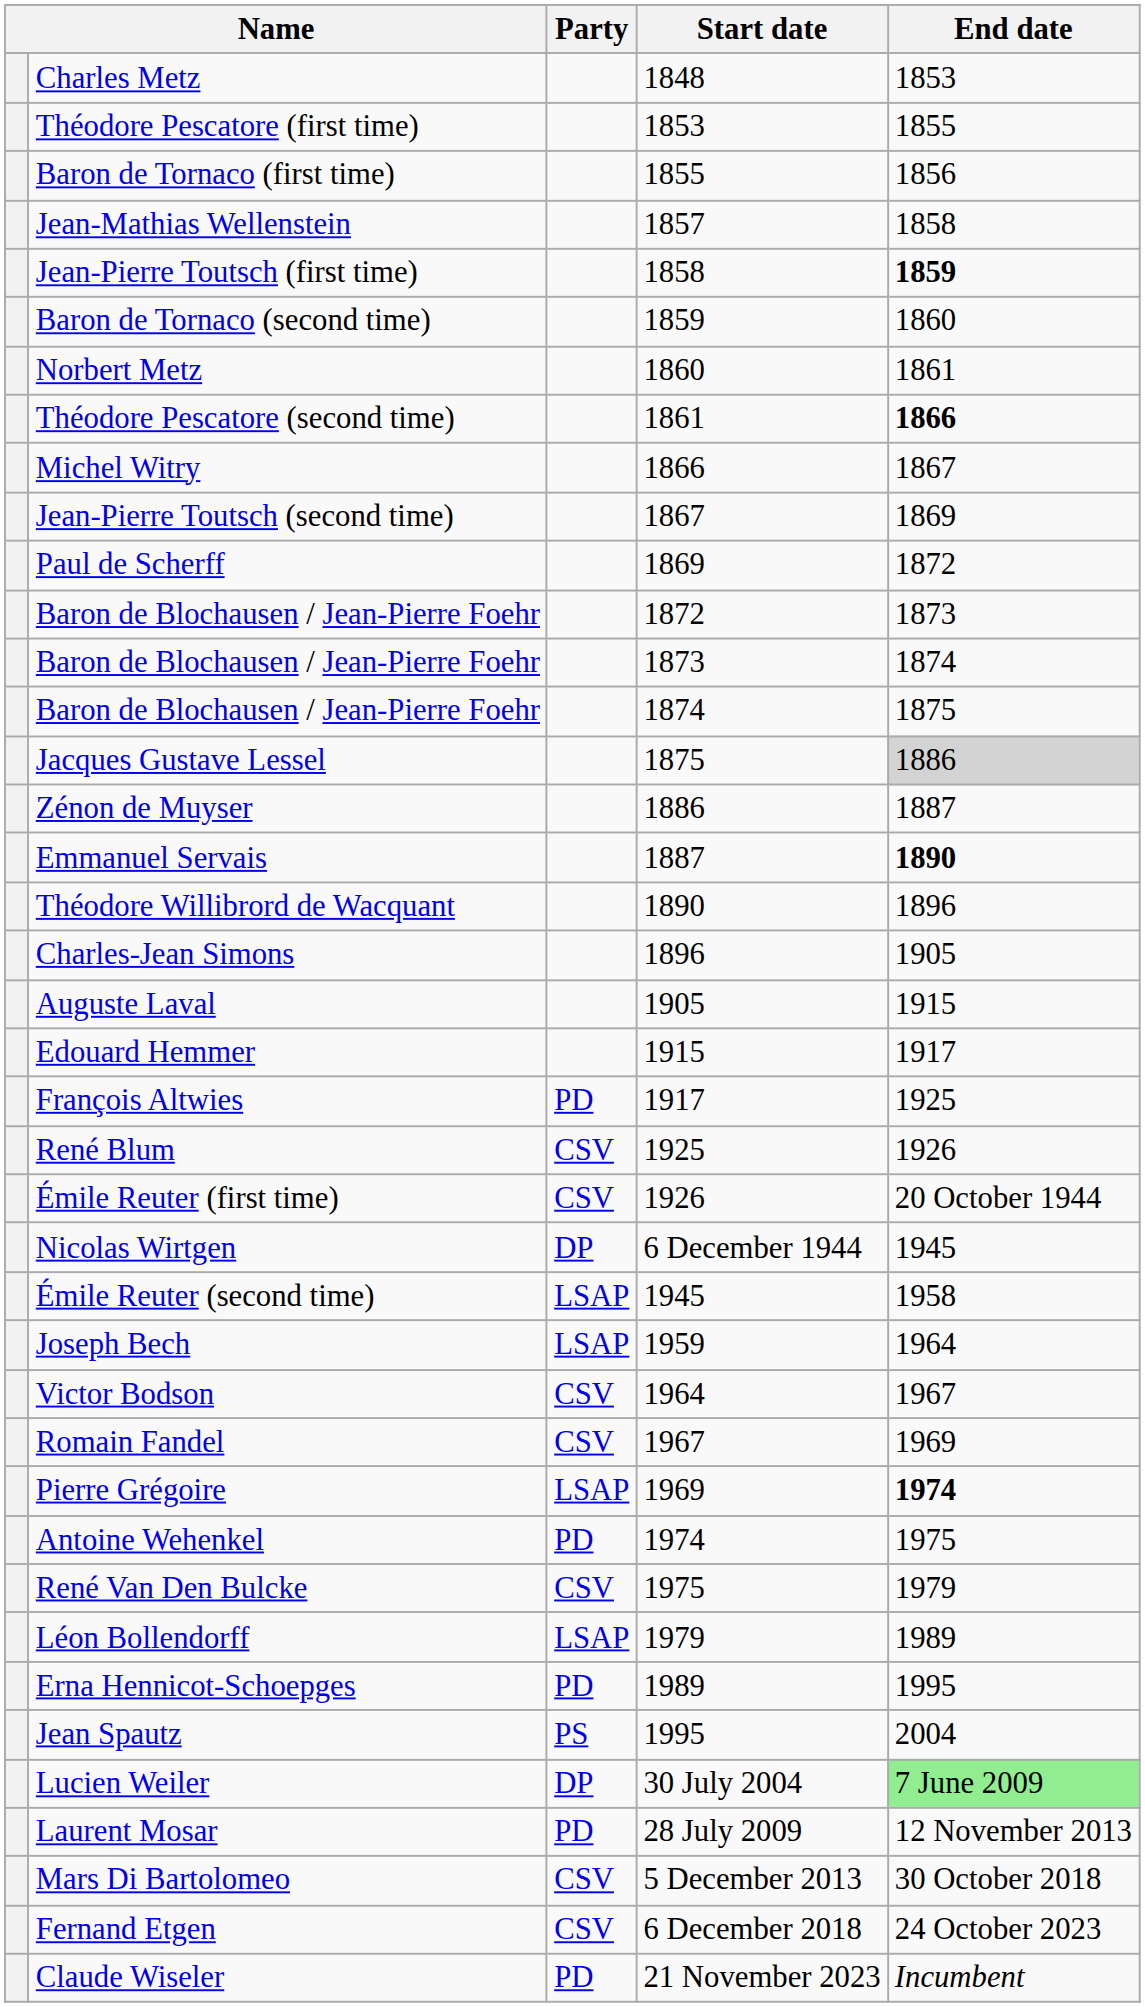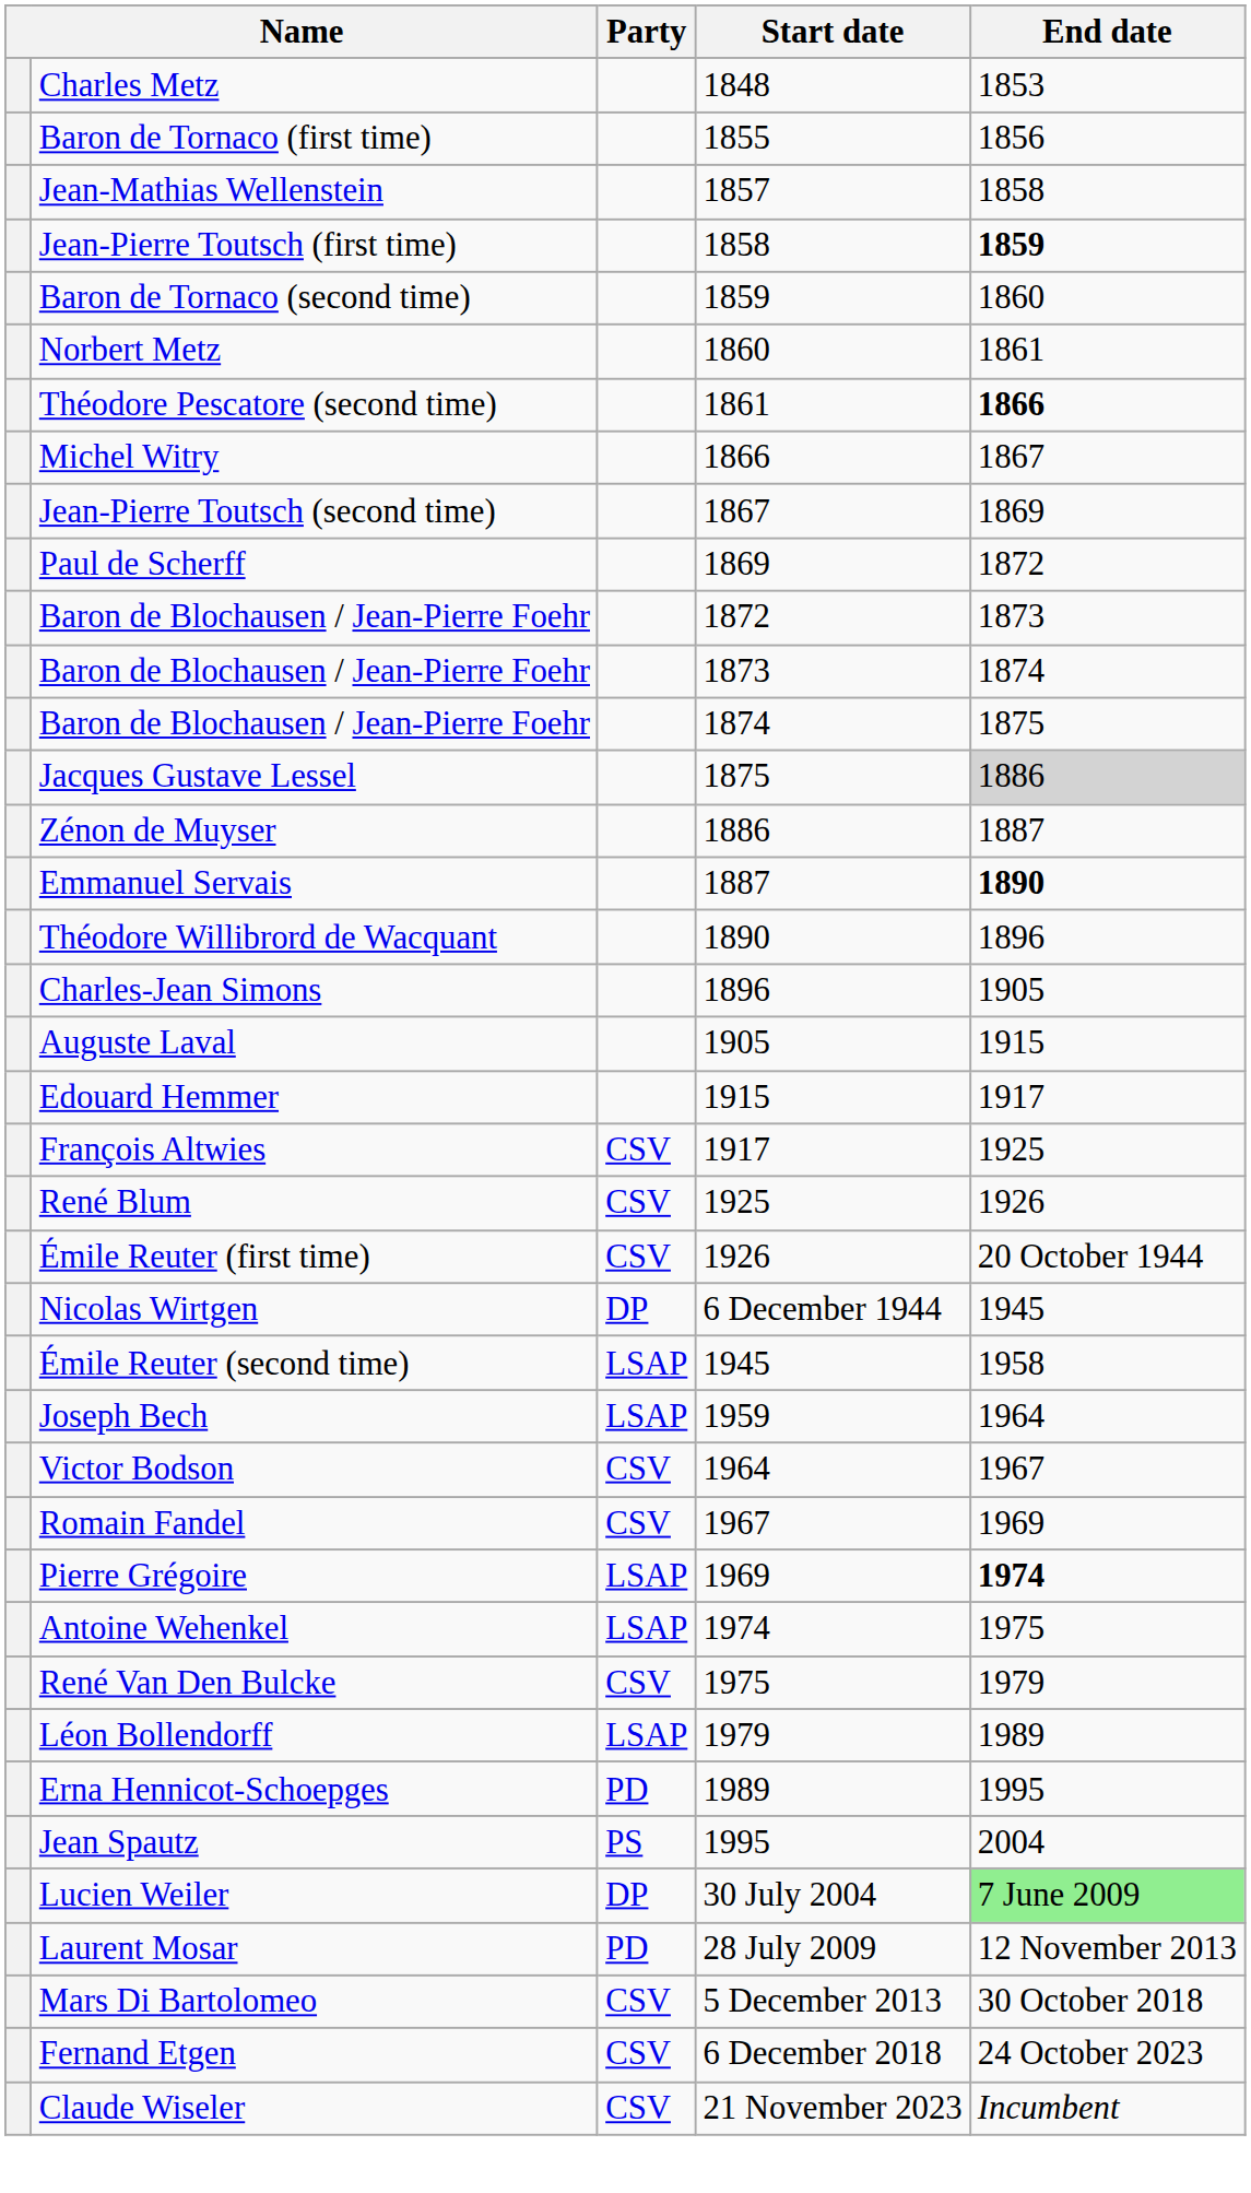 <table class="wikitable">
 <tr>
 <th colspan=2>Name</th>
 <th>Party</th>
 <th>Start date</th>
 <th>End date</th>
 </tr>
 <tr>
 <th width=5px></th>
 <td><a href='#'>Charles Metz</a></td>
 <td></td>
 <td>1848</td>
 <td>1853</td>
-</tr>
-<tr>
-<th></th>
-<td><a href='#'>Théodore Pescatore</a> (first time)</td>
-<td></td>
-<td>1853</td>
-<td>1855</td>
 </tr>
 <tr>
 <th></th>
 <td><a href='#'>Baron de Tornaco</a> (first time)</td>
 <td></td>
 <td>1855</td>
 <td>1856</td>
 </tr>
 <tr>
 <th></th>
 <td><a href='#'>Jean-Mathias Wellenstein</a></td>
 <td></td>
 <td>1857</td>
 <td>1858</td>
 </tr>
 <tr>
 <th></th>
 <td><a href='#'>Jean-Pierre Toutsch</a> (first time)</td>
 <td></td>
 <td>1858</td>
 <td><strong>1859</strong></td>
 </tr>
 <tr>
 <th></th>
 <td><a href='#'>Baron de Tornaco</a> (second time)</td>
 <td></td>
 <td>1859</td>
 <td>1860</td>
 </tr>
 <tr>
 <th></th>
 <td><a href='#'>Norbert Metz</a></td>
 <td></td>
 <td>1860</td>
 <td>1861</td>
 </tr>
 <tr>
 <th></th>
 <td><a href='#'>Théodore Pescatore</a> (second time)</td>
 <td></td>
 <td>1861</td>
 <td><strong>1866</strong></td>
 </tr>
 <tr>
 <th></th>
 <td><a href='#'>Michel Witry</a></td>
 <td></td>
 <td>1866</td>
 <td>1867</td>
 </tr>
 <tr>
 <th></th>
 <td><a href='#'>Jean-Pierre Toutsch</a> (second time)</td>
 <td></td>
 <td>1867</td>
 <td>1869</td>
 </tr>
 <tr>
 <th></th>
 <td><a href='#'>Paul de Scherff</a></td>
 <td></td>
 <td>1869</td>
 <td>1872</td>
 </tr>
 <tr>
 <th></th>
 <td><a href='#'>Baron de Blochausen</a> / <a href='#'>Jean-Pierre Foehr</a></td>
 <td></td>
 <td>1872</td>
 <td>1873</td>
 </tr>
 <tr>
 <th></th>
 <td><a href='#'>Baron de Blochausen</a> / <a href='#'>Jean-Pierre Foehr</a></td>
 <td></td>
 <td>1873</td>
 <td>1874</td>
 </tr>
 <tr>
 <th></th>
 <td><a href='#'>Baron de Blochausen</a> / <a href='#'>Jean-Pierre Foehr</a></td>
 <td></td>
 <td>1874</td>
 <td>1875</td>
 </tr>
 <tr>
 <th></th>
 <td><a href='#'>Jacques Gustave Lessel</a></td>
 <td></td>
 <td>1875</td>
 <td style="background: lightgrey;">1886</td>
 </tr>
 <tr>
 <th></th>
 <td><a href='#'>Zénon de Muyser</a></td>
 <td></td>
 <td>1886</td>
 <td>1887</td>
 </tr>
 <tr>
 <th></th>
 <td><a href='#'>Emmanuel Servais</a></td>
 <td></td>
 <td>1887</td>
 <td><strong>1890</strong></td>
 </tr>
 <tr>
 <th></th>
 <td><a href='#'>Théodore Willibrord de Wacquant</a></td>
 <td></td>
 <td>1890</td>
 <td>1896</td>
 </tr>
 <tr>
 <th></th>
 <td><a href='#'>Charles-Jean Simons</a></td>
 <td></td>
 <td>1896</td>
 <td>1905</td>
 </tr>
 <tr>
 <th></th>
 <td><a href='#'>Auguste Laval</a></td>
 <td></td>
 <td>1905</td>
 <td>1915</td>
 </tr>
 <tr>
 <th></th>
 <td><a href='#'>Edouard Hemmer</a></td>
 <td></td>
 <td>1915</td>
 <td>1917</td>
 </tr>
 <tr>
 <th style="background-color: "></th>
 <td><a href='#'>François Altwies</a></td>
-<td><a href='#'>PD</a></td>
+<td><a href='#'>CSV</a></td>
 <td>1917</td>
 <td>1925</td>
 </tr>
 <tr>
 <th style="background-color: "></th>
 <td><a href='#'>René Blum</a></td>
 <td><a href='#'>CSV</a></td>
 <td>1925</td>
 <td>1926</td>
 </tr>
 <tr>
 <th style="background-color: "></th>
 <td><a href='#'>Émile Reuter</a> (first time)</td>
 <td><a href='#'>CSV</a></td>
 <td>1926</td>
 <td>20 October 1944</td>
 </tr>
 <tr>
 <th style="background-color: "></th>
 <td><a href='#'>Nicolas Wirtgen</a></td>
 <td><a href='#'>DP</a></td>
 <td>6 December 1944</td>
 <td>1945</td>
 </tr>
 <tr>
 <th style="background-color: "></th>
 <td><a href='#'>Émile Reuter</a> (second time)</td>
 <td><a href='#'>LSAP</a></td>
 <td>1945</td>
 <td>1958</td>
 </tr>
 <tr>
 <th style="background-color: "></th>
 <td><a href='#'>Joseph Bech</a></td>
 <td><a href='#'>LSAP</a></td>
 <td>1959</td>
 <td>1964</td>
 </tr>
 <tr>
 <th style="background-color: "></th>
 <td><a href='#'>Victor Bodson</a></td>
 <td><a href='#'>CSV</a></td>
 <td>1964</td>
 <td>1967</td>
 </tr>
 <tr>
 <th style="background-color: "></th>
 <td><a href='#'>Romain Fandel</a></td>
 <td><a href='#'>CSV</a></td>
 <td>1967</td>
 <td>1969</td>
 </tr>
 <tr>
 <th style="background-color: "></th>
 <td><a href='#'>Pierre Grégoire</a></td>
 <td><a href='#'>LSAP</a></td>
 <td>1969</td>
 <td><strong>1974</strong></td>
 </tr>
 <tr>
 <th style="background-color: "></th>
 <td><a href='#'>Antoine Wehenkel</a></td>
-<td><a href='#'>PD</a></td>
+<td><a href='#'>LSAP</a></td>
 <td>1974</td>
 <td>1975</td>
 </tr>
 <tr>
 <th style="background-color: "></th>
 <td><a href='#'>René Van Den Bulcke</a></td>
 <td><a href='#'>CSV</a></td>
 <td>1975</td>
 <td>1979</td>
 </tr>
 <tr>
 <th style="background-color: "></th>
 <td><a href='#'>Léon Bollendorff</a></td>
 <td><a href='#'>LSAP</a></td>
 <td>1979</td>
 <td>1989</td>
 </tr>
 <tr>
 <th style="background-color: "></th>
 <td><a href='#'>Erna Hennicot-Schoepges</a></td>
 <td><a href='#'>PD</a></td>
 <td>1989</td>
 <td>1995</td>
 </tr>
 <tr>
 <th style="background-color: "></th>
 <td><a href='#'>Jean Spautz</a></td>
 <td><a href='#'>PS</a></td>
 <td>1995</td>
 <td>2004</td>
 </tr>
 <tr>
 <th style="background-color: "></th>
 <td><a href='#'>Lucien Weiler</a></td>
 <td><a href='#'>DP</a></td>
 <td>30 July 2004</td>
 <td style="background: lightgreen;">7 June 2009</td>
 </tr>
 <tr>
 <th style="background-color: "></th>
 <td><a href='#'>Laurent Mosar</a></td>
 <td><a href='#'>PD</a></td>
 <td>28 July 2009</td>
 <td>12 November 2013</td>
 </tr>
 <tr>
 <th style="background-color: "></th>
 <td><a href='#'>Mars Di Bartolomeo</a></td>
 <td><a href='#'>CSV</a></td>
 <td>5 December 2013</td>
 <td>30 October 2018</td>
 </tr>
 <tr>
 <th style="background-color: "></th>
 <td><a href='#'>Fernand Etgen</a></td>
 <td><a href='#'>CSV</a></td>
 <td>6 December 2018</td>
 <td>24 October 2023</td>
 </tr>
 <tr>
 <th style="background-color: "></th>
 <td><a href='#'>Claude Wiseler</a></td>
-<td><a href='#'>PD</a></td>
+<td><a href='#'>CSV</a></td>
 <td>21 November 2023</td>
 <td><em>Incumbent</em></td>
 </tr>
 </table>
